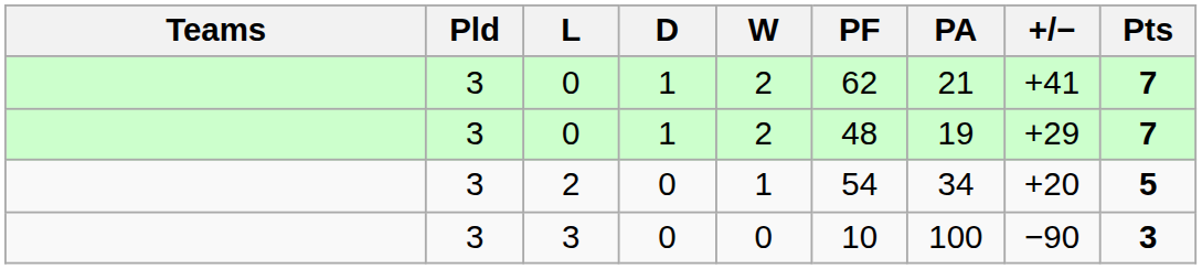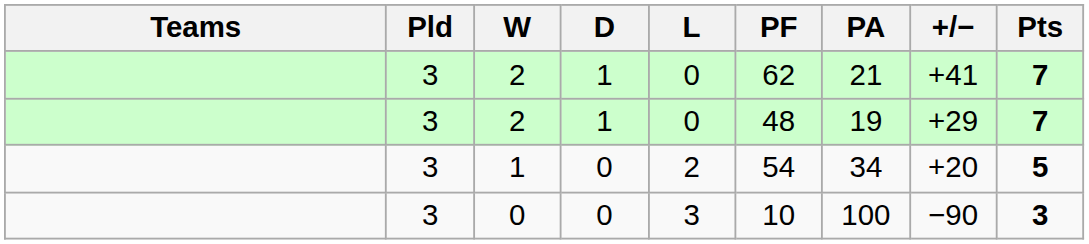 <table class="wikitable" style="text-align: center;">
 <tr>
 <th width="200">Teams</th>
 <th width="40">Pld</th>
+<th width="40">W</th>
+<th width="40">D</th>
 <th width="40">L</th>
-<th width="40">D</th>
-<th width="40">W</th>
 <th width="40">PF</th>
 <th width="40">PA</th>
 <th width="40">+/−</th>
 <th width="40">Pts</th>
 </tr>
 <tr bgcolor=ccffcc>
 <td align=left></td>
 <td>3</td>
+<td>2</td>
+<td>1</td>
 <td>0</td>
-<td>1</td>
-<td>2</td>
 <td>62</td>
 <td>21</td>
 <td>+41</td>
 <td><strong>7</strong></td>
 </tr>
 <tr bgcolor=ccffcc>
 <td align=left></td>
 <td>3</td>
+<td>2</td>
+<td>1</td>
 <td>0</td>
-<td>1</td>
-<td>2</td>
 <td>48</td>
 <td>19</td>
 <td>+29</td>
 <td><strong>7</strong></td>
 </tr>
 <tr>
 <td align=left></td>
 <td>3</td>
+<td>1</td>
+<td>0</td>
 <td>2</td>
-<td>0</td>
-<td>1</td>
 <td>54</td>
 <td>34</td>
 <td>+20</td>
 <td><strong>5</strong></td>
 </tr>
 <tr>
 <td align=left></td>
 <td>3</td>
-<td>3</td>
 <td>0</td>
 <td>0</td>
+<td>3</td>
 <td>10</td>
 <td>100</td>
 <td>−90</td>
 <td><strong>3</strong></td>
 </tr>
 </table>
